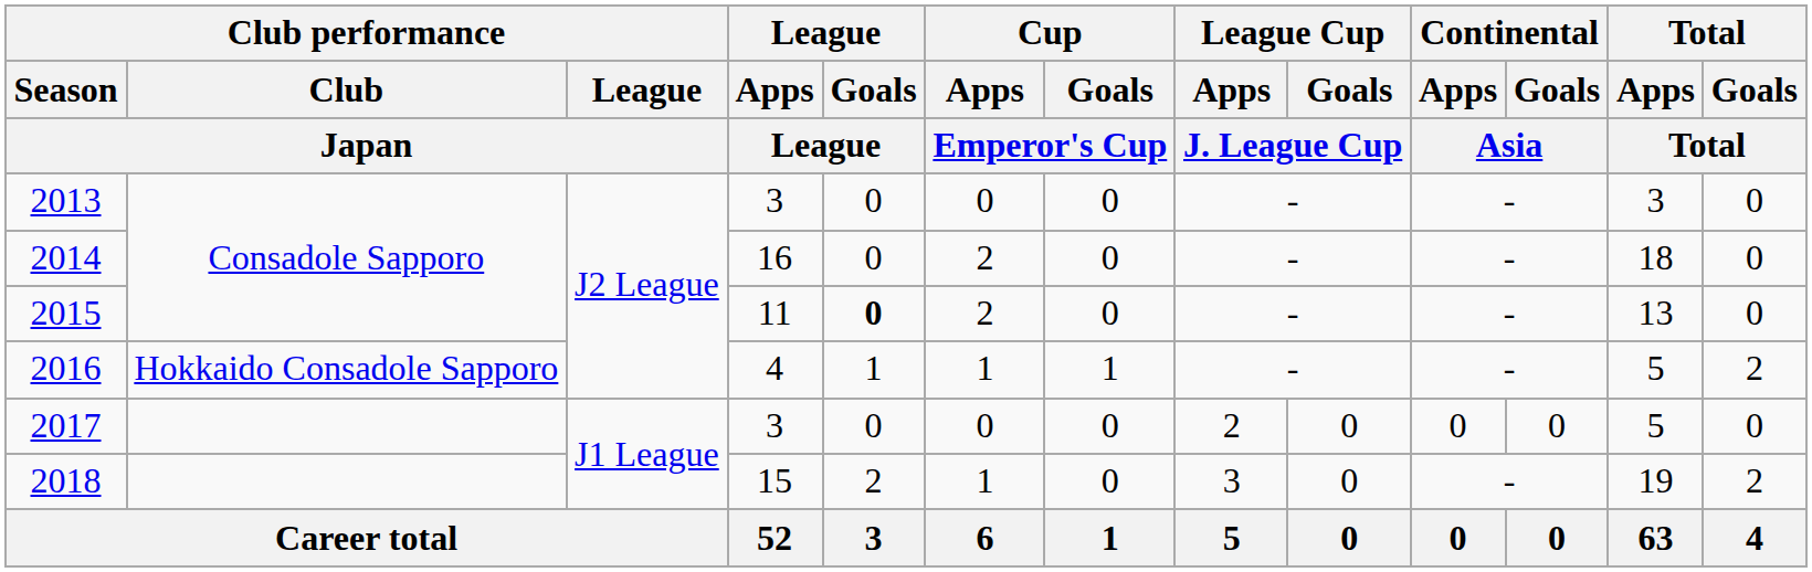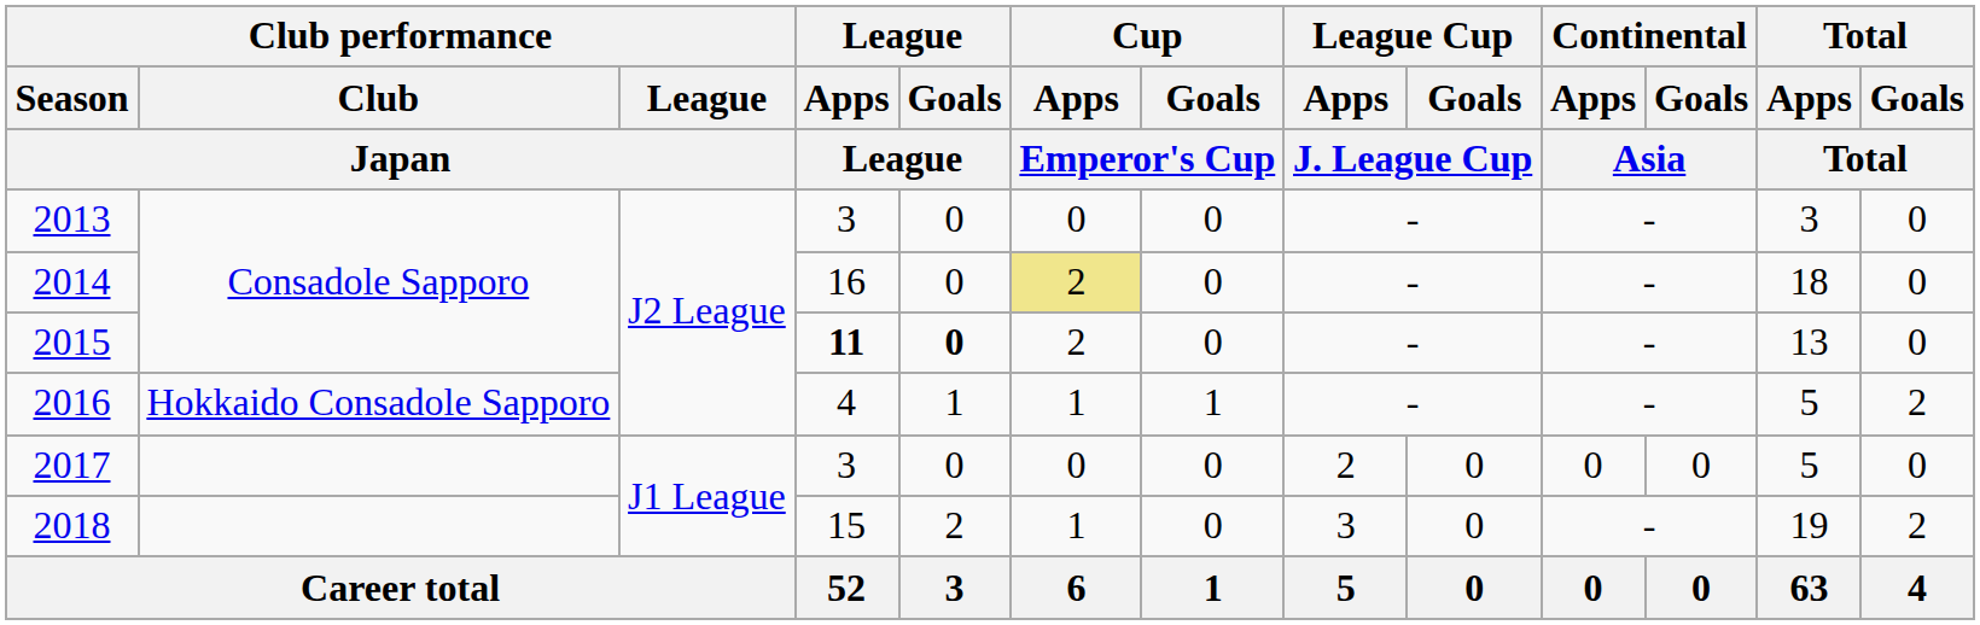 <table class="wikitable" style="text-align:center;">
 <tr>
 <th colspan=3>Club performance</th>
 <th colspan=2>League</th>
 <th colspan=2>Cup</th>
 <th colspan=2>League Cup</th>
 <th colspan=2>Continental</th>
 <th colspan=2>Total</th>
 </tr>
 <tr>
 <th>Season</th>
 <th>Club</th>
 <th>League</th>
 <th>Apps</th>
 <th>Goals</th>
 <th>Apps</th>
 <th>Goals</th>
 <th>Apps</th>
 <th>Goals</th>
 <th>Apps</th>
 <th>Goals</th>
 <th>Apps</th>
 <th>Goals</th>
 </tr>
 <tr>
 <th colspan=3>Japan</th>
 <th colspan=2>League</th>
 <th colspan=2><a href='#'>Emperor's Cup</a></th>
 <th colspan=2><a href='#'>J. League Cup</a></th>
 <th colspan=2><a href='#'>Asia</a></th>
 <th colspan=2>Total</th>
 </tr>
 <tr>
 <td><a href='#'>2013</a></td>
 <td rowspan="3"><a href='#'>Consadole Sapporo</a></td>
 <td rowspan="4"><a href='#'>J2 League</a></td>
 <td>3</td>
 <td>0</td>
 <td>0</td>
 <td>0</td>
 <td colspan="2">-</td>
 <td colspan="2">-</td>
 <td>3</td>
 <td>0</td>
 </tr>
 <tr>
 <td><a href='#'>2014</a></td>
 <td>16</td>
 <td>0</td>
-<td>2</td>
+<td style="background: khaki;">2</td>
 <td>0</td>
 <td colspan="2">-</td>
 <td colspan="2">-</td>
 <td>18</td>
 <td>0</td>
 </tr>
 <tr>
 <td><a href='#'>2015</a></td>
-<td>11</td>
+<td><strong>11</strong></td>
 <td><strong>0</strong></td>
 <td>2</td>
 <td>0</td>
 <td colspan="2">-</td>
 <td colspan="2">-</td>
 <td>13</td>
 <td>0</td>
 </tr>
 <tr>
 <td><a href='#'>2016</a></td>
 <td><a href='#'>Hokkaido Consadole Sapporo</a></td>
 <td>4</td>
 <td>1</td>
 <td>1</td>
 <td>1</td>
 <td colspan="2">-</td>
 <td colspan="2">-</td>
 <td>5</td>
 <td>2</td>
 </tr>
 <tr>
 <td><a href='#'>2017</a></td>
 <td></td>
 <td rowspan="2"><a href='#'>J1 League</a></td>
 <td>3</td>
 <td>0</td>
 <td>0</td>
 <td>0</td>
 <td>2</td>
 <td>0</td>
 <td>0</td>
 <td>0</td>
 <td>5</td>
 <td>0</td>
 </tr>
 <tr>
 <td><a href='#'>2018</a></td>
 <td></td>
 <td>15</td>
 <td>2</td>
 <td>1</td>
 <td>0</td>
 <td>3</td>
 <td>0</td>
 <td colspan="2">-</td>
 <td>19</td>
 <td>2</td>
 </tr>
 <tr>
 <th colspan="3">Career total</th>
 <th>52</th>
 <th>3</th>
 <th>6</th>
 <th>1</th>
 <th>5</th>
 <th>0</th>
 <th>0</th>
 <th>0</th>
 <th>63</th>
 <th>4</th>
 </tr>
 </table>
